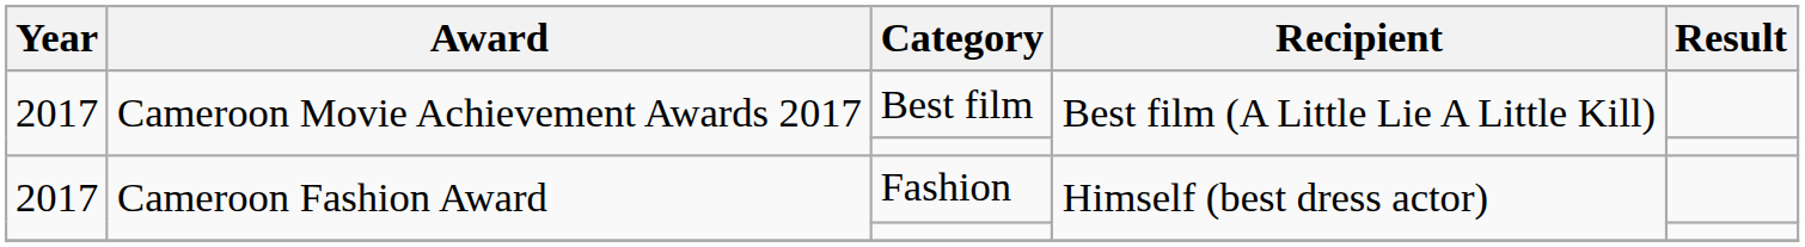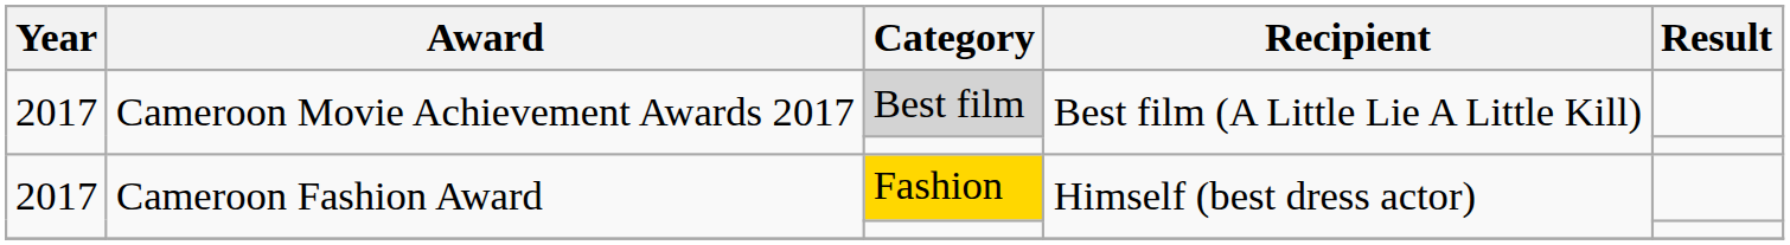 <table class="wikitable plainrowheaders sortable">
 <tr>
 <th>Year</th>
 <th>Award</th>
 <th>Category</th>
 <th>Recipient</th>
 <th>Result</th>
 </tr>
 <tr>
 <td rowspan=2>2017</td>
 <td rowspan=2>Cameroon Movie Achievement Awards 2017</td>
-<td>Best film</td>
+<td style="background: lightgrey;">Best film</td>
 <td rowspan=2>Best film (A Little Lie A Little Kill)</td>
 <td></td>
 </tr>
 <tr>
 <td></td>
 <td></td>
 </tr>
 <tr>
 <td rowspan=2>2017</td>
 <td rowspan=2>Cameroon Fashion Award</td>
-<td>Fashion</td>
+<td style="background: gold;">Fashion</td>
 <td rowspan=2>Himself (best dress actor)</td>
 <td></td>
 </tr>
 <tr>
 <td></td>
 <td></td>
 </tr>
 <tr>
 </tr>
 </table>
